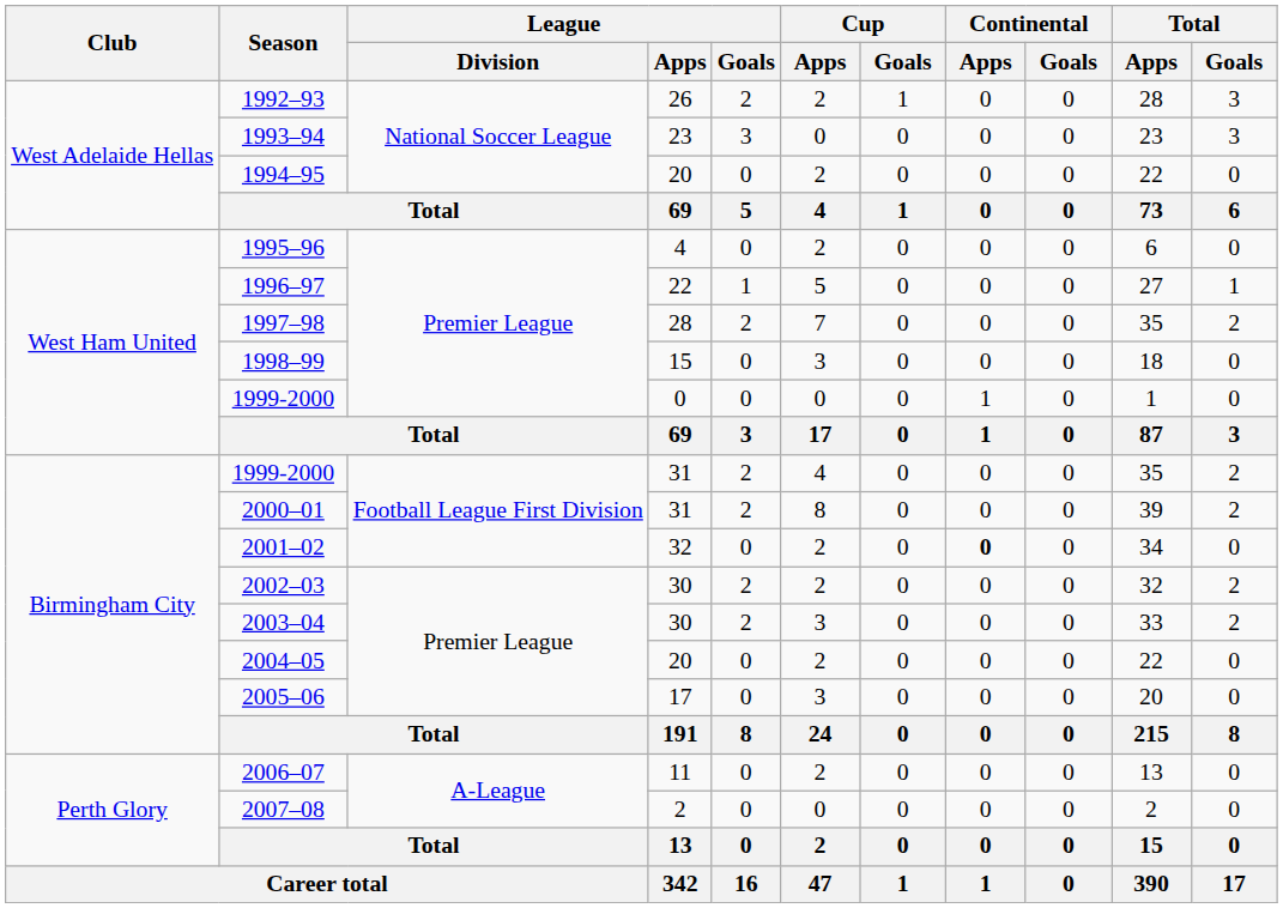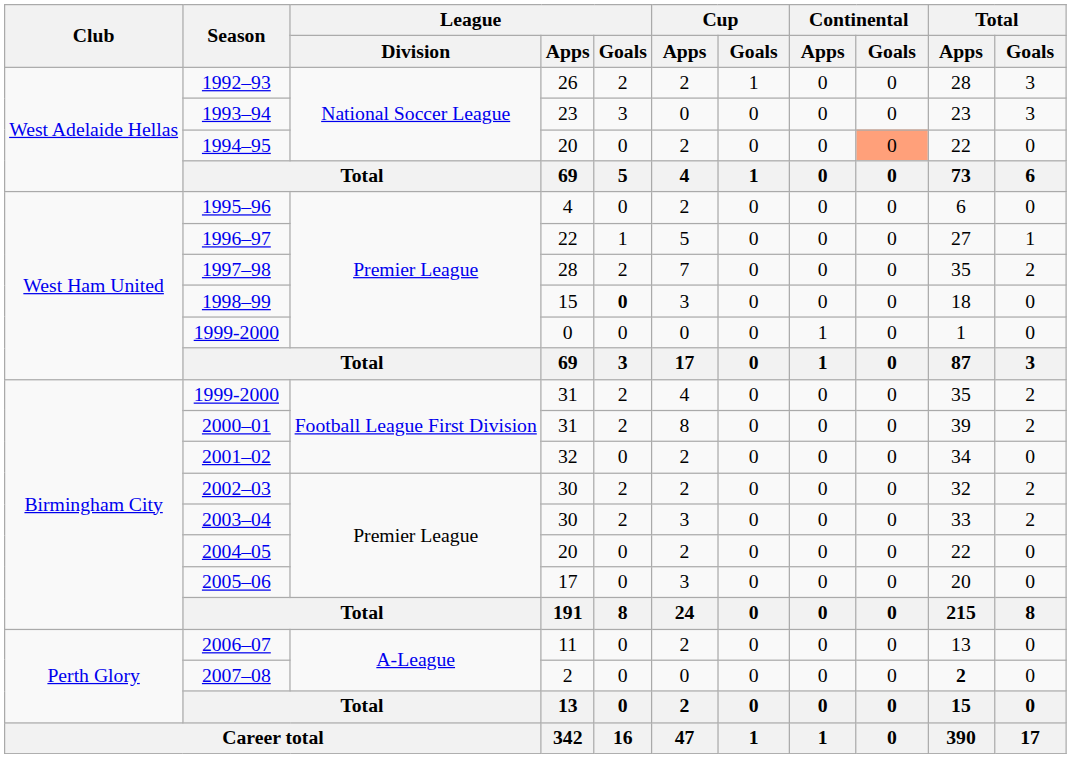 <table class="wikitable" style="text-align:center">
 <tr>
 <th rowspan="2">Club</th>
 <th rowspan="2" width="80">Season</th>
 <th colspan="3" width="105">League</th>
 <th colspan="2" width="105">Cup</th>
 <th colspan="2" width="105">Continental</th>
 <th colspan="2" width="105">Total</th>
 </tr>
 <tr>
 <th>Division</th>
 <th>Apps</th>
 <th>Goals</th>
 <th>Apps</th>
 <th>Goals</th>
 <th>Apps</th>
 <th>Goals</th>
 <th>Apps</th>
 <th>Goals</th>
 </tr>
 <tr>
 <td rowspan="4"><a href='#'>West Adelaide Hellas</a></td>
 <td><a href='#'>1992–93</a></td>
 <td rowspan="3"><a href='#'>National Soccer League</a></td>
 <td>26</td>
 <td>2</td>
 <td>2</td>
 <td>1</td>
 <td>0</td>
 <td>0</td>
 <td>28</td>
 <td>3</td>
 </tr>
 <tr>
 <td><a href='#'>1993–94</a></td>
 <td>23</td>
 <td>3</td>
 <td>0</td>
 <td>0</td>
 <td>0</td>
 <td>0</td>
 <td>23</td>
 <td>3</td>
 </tr>
 <tr>
 <td><a href='#'>1994–95</a></td>
 <td>20</td>
 <td>0</td>
 <td>2</td>
 <td>0</td>
 <td>0</td>
-<td>0</td>
+<td style="background: lightsalmon;">0</td>
 <td>22</td>
 <td>0</td>
 </tr>
 <tr>
 <th colspan="2">Total</th>
 <th>69</th>
 <th>5</th>
 <th>4</th>
 <th>1</th>
 <th>0</th>
 <th>0</th>
 <th>73</th>
 <th>6</th>
 </tr>
 <tr>
 <td rowspan="6"><a href='#'>West Ham United</a></td>
 <td><a href='#'>1995–96</a></td>
 <td rowspan="5"><a href='#'>Premier League</a></td>
 <td>4</td>
 <td>0</td>
 <td>2</td>
 <td>0</td>
 <td>0</td>
 <td>0</td>
 <td>6</td>
 <td>0</td>
 </tr>
 <tr>
 <td><a href='#'>1996–97</a></td>
 <td>22</td>
 <td>1</td>
 <td>5</td>
 <td>0</td>
 <td>0</td>
 <td>0</td>
 <td>27</td>
 <td>1</td>
 </tr>
 <tr>
 <td><a href='#'>1997–98</a></td>
 <td>28</td>
 <td>2</td>
 <td>7</td>
 <td>0</td>
 <td>0</td>
 <td>0</td>
 <td>35</td>
 <td>2</td>
 </tr>
 <tr>
 <td><a href='#'>1998–99</a></td>
 <td>15</td>
-<td>0</td>
+<td><strong>0</strong></td>
 <td>3</td>
 <td>0</td>
 <td>0</td>
 <td>0</td>
 <td>18</td>
 <td>0</td>
 </tr>
 <tr>
 <td><a href='#'>1999-2000</a></td>
 <td>0</td>
 <td>0</td>
 <td>0</td>
 <td>0</td>
 <td>1</td>
 <td>0</td>
 <td>1</td>
 <td>0</td>
 </tr>
 <tr>
 <th colspan="2">Total</th>
 <th>69</th>
 <th>3</th>
 <th>17</th>
 <th>0</th>
 <th>1</th>
 <th>0</th>
 <th>87</th>
 <th>3</th>
 </tr>
 <tr>
 <td rowspan="8"><a href='#'>Birmingham City</a></td>
 <td><a href='#'>1999-2000</a></td>
 <td rowspan="3"><a href='#'>Football League First Division</a></td>
 <td>31</td>
 <td>2</td>
 <td>4</td>
 <td>0</td>
 <td>0</td>
 <td>0</td>
 <td>35</td>
 <td>2</td>
 </tr>
 <tr>
 <td><a href='#'>2000–01</a></td>
 <td>31</td>
 <td>2</td>
 <td>8</td>
 <td>0</td>
 <td>0</td>
 <td>0</td>
 <td>39</td>
 <td>2</td>
 </tr>
 <tr>
 <td><a href='#'>2001–02</a></td>
 <td>32</td>
 <td>0</td>
 <td>2</td>
 <td>0</td>
-<td><strong>0</strong></td>
+<td>0</td>
 <td>0</td>
 <td>34</td>
 <td>0</td>
 </tr>
 <tr>
 <td><a href='#'>2002–03</a></td>
 <td rowspan="4">Premier League</td>
 <td>30</td>
 <td>2</td>
 <td>2</td>
 <td>0</td>
 <td>0</td>
 <td>0</td>
 <td>32</td>
 <td>2</td>
 </tr>
 <tr>
 <td><a href='#'>2003–04</a></td>
 <td>30</td>
 <td>2</td>
 <td>3</td>
 <td>0</td>
 <td>0</td>
 <td>0</td>
 <td>33</td>
 <td>2</td>
 </tr>
 <tr>
 <td><a href='#'>2004–05</a></td>
 <td>20</td>
 <td>0</td>
 <td>2</td>
 <td>0</td>
 <td>0</td>
 <td>0</td>
 <td>22</td>
 <td>0</td>
 </tr>
 <tr>
 <td><a href='#'>2005–06</a></td>
 <td>17</td>
 <td>0</td>
 <td>3</td>
 <td>0</td>
 <td>0</td>
 <td>0</td>
 <td>20</td>
 <td>0</td>
 </tr>
 <tr>
 <th colspan="2">Total</th>
 <th>191</th>
 <th>8</th>
 <th>24</th>
 <th>0</th>
 <th>0</th>
 <th>0</th>
 <th>215</th>
 <th>8</th>
 </tr>
 <tr>
 <td rowspan="3"><a href='#'>Perth Glory</a></td>
 <td><a href='#'>2006–07</a></td>
 <td rowspan="2"><a href='#'>A-League</a></td>
 <td>11</td>
 <td>0</td>
 <td>2</td>
 <td>0</td>
 <td>0</td>
 <td>0</td>
 <td>13</td>
 <td>0</td>
 </tr>
 <tr>
 <td><a href='#'>2007–08</a></td>
 <td>2</td>
 <td>0</td>
 <td>0</td>
 <td>0</td>
 <td>0</td>
 <td>0</td>
-<td>2</td>
+<td><strong>2</strong></td>
 <td>0</td>
 </tr>
 <tr>
 <th colspan="2">Total</th>
 <th>13</th>
 <th>0</th>
 <th>2</th>
 <th>0</th>
 <th>0</th>
 <th>0</th>
 <th>15</th>
 <th>0</th>
 </tr>
 <tr>
 <th colspan="3">Career total</th>
 <th>342</th>
 <th>16</th>
 <th>47</th>
 <th>1</th>
 <th>1</th>
 <th>0</th>
 <th>390</th>
 <th>17</th>
 </tr>
 </table>
